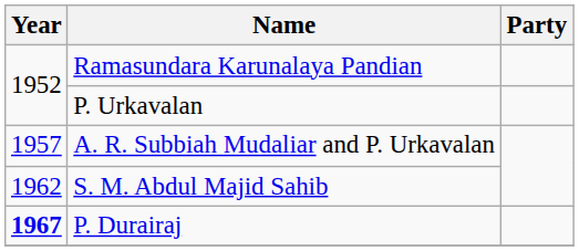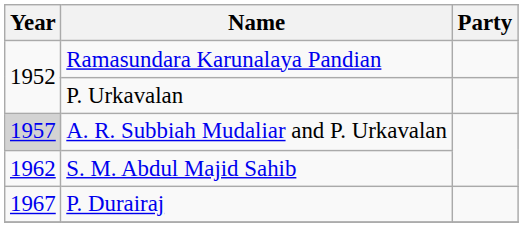 <table class="wikitable sortable">
 <tr>
 <th>Year</th>
 <th>Name</th>
 <th colspan="2">Party</th>
 </tr>
 <tr --->
 <td rowspan=2>1952</td>
 <td><a href='#'>Ramasundara Karunalaya Pandian</a></td>
 <td></td>
 </tr>
 <tr>
 <td>P. Urkavalan</td>
 <td></td>
 </tr>
 <tr>
-<td><a href='#'>1957</a></td>
+<td style="background: lightgrey;"><a href='#'>1957</a></td>
 <td><a href='#'>A. R. Subbiah Mudaliar</a> and P. Urkavalan</td>
 </tr>
 <tr>
 <td><a href='#'>1962</a></td>
 <td><a href='#'>S. M. Abdul Majid Sahib</a></td>
 </tr>
 <tr>
-<td><strong><a href='#'>1967</a></strong></td>
+<td><a href='#'>1967</a></td>
 <td><a href='#'>P. Durairaj</a></td>
 <td></td>
 </tr>
 <tr>
 </tr>
 </table>
